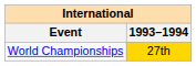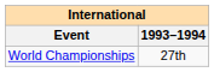 <table class="wikitable" style="text-align:center">
 <tr>
 <th style="background-color: #ffdead; " colspan=2 align=center><strong>International</strong></th>
 </tr>
 <tr>
 <th>Event</th>
 <th>1993–1994</th>
 </tr>
 <tr>
 <td align=left><a href='#'>World Championships</a></td>
-<td style="background: gold;">27th</td>
+<td>27th</td>
 </tr>
 </table>
